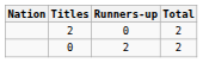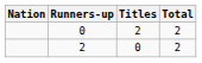 <table class="wikitable" style="text-align: center;">
 <tr>
 <th>Nation</th>
+<th>Runners-up</th>
 <th>Titles</th>
-<th>Runners-up</th>
 <th>Total</th>
+</tr>
+<tr>
+<td align=left></td>
+<td>0</td>
+<td>2</td>
+<td>2</td>
 </tr>
 <tr>
 <td align=left></td>
 <td>2</td>
 <td>0</td>
 <td>2</td>
 </tr>
-<tr>
-<td align=left></td>
-<td>0</td>
-<td>2</td>
-<td>2</td>
-</tr>
 </table>
